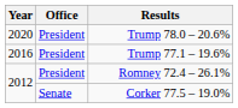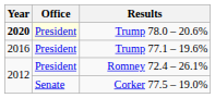 <table class=wikitable>
 <tr>
 <th width="30">Year</th>
 <th width="60">Office</th>
 <th width="180">Results</th>
 </tr>
 <tr>
-<td>2020</td>
-<td><a href='#'>President</a></td>
+<td><strong>2020</strong></td>
+<td style="background: lightyellow;"><a href='#'>President</a></td>
 <td align="right" ><a href='#'>Trump</a> 78.0 – 20.6%</td>
 </tr>
 <tr>
 <td>2016</td>
 <td><a href='#'>President</a></td>
 <td align="right" ><a href='#'>Trump</a> 77.1 – 19.6%</td>
 </tr>
 <tr>
 <td rowspan="2">2012</td>
 <td><a href='#'>President</a></td>
 <td align="right" ><a href='#'>Romney</a> 72.4 – 26.1%</td>
 </tr>
 <tr>
 <td><a href='#'>Senate</a></td>
 <td align="right" ><a href='#'>Corker</a> 77.5 – 19.0%</td>
 </tr>
 </table>
